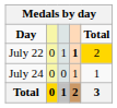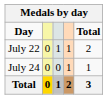 <table class="wikitable" style="font-size:85%; float:right">
 <tr align=center>
 <th colspan=7><strong>Medals by day</strong></th>
 </tr>
 <tr align=center>
 <td><strong>Day</strong></td>
 <td style="background:#f7f6a8;"></td>
 <td style="background:#dce5e5;"></td>
 <td style="background:#ffdab9;"></td>
 <td><strong>Total</strong></td>
 </tr>
 <tr align=center>
 <td>July 22</td>
 <td style="background:#f7f6a8;">0</td>
 <td style="background:#dce5e5;">1</td>
-<td style="background:#ffdab9;"><strong>1</strong></td>
-<td style="background: gold;">2</td>
+<td style="background:#ffdab9;">1</td>
+<td>2</td>
 </tr>
 <tr align=center>
 <td>July 24</td>
 <td style="background:#f7f6a8;">0</td>
 <td style="background:#dce5e5;">0</td>
 <td style="background:#ffdab9;">1</td>
 <td>1</td>
 </tr>
 <tr align=center>
 <th><strong>Total</strong></th>
 <th style="background:gold;"><strong>0</strong></th>
 <th style="background:silver;"><strong>1</strong></th>
 <th style="background:#c96;"><strong>2</strong></th>
 <th><strong>3</strong></th>
 </tr>
 </table>
